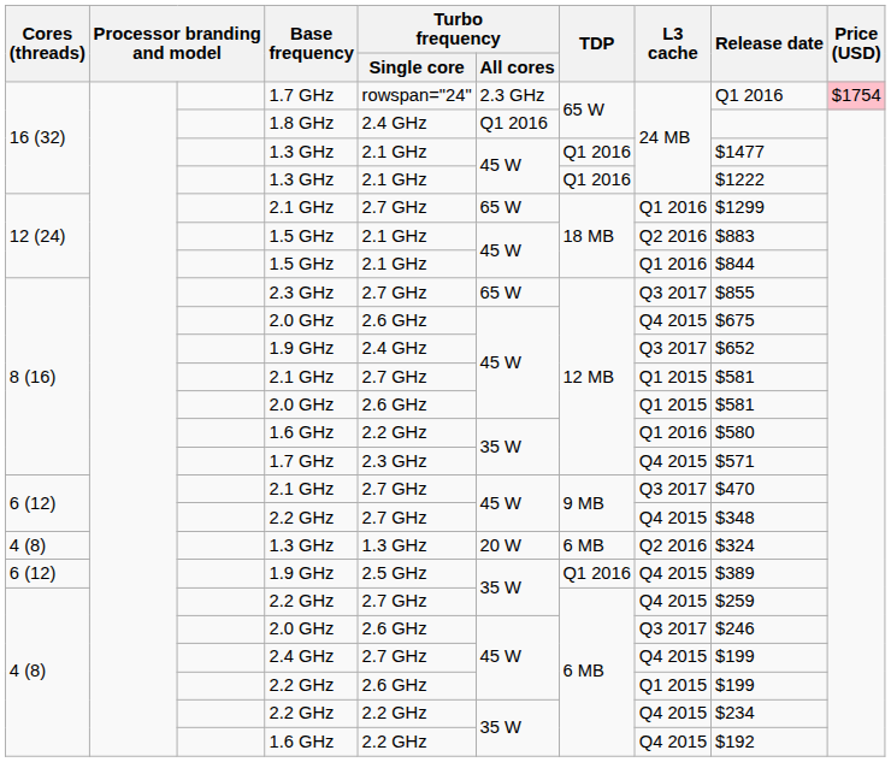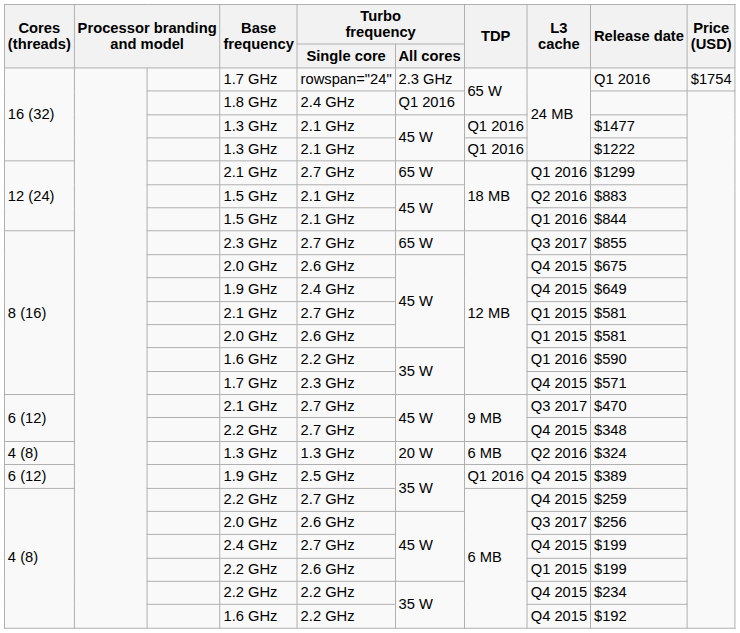 <table class="wikitable">
 <tr>
 <th rowspan="2">Cores<br>(threads)</th>
 <th colspan="2" rowspan="2">Processor branding<br>and model</th>
 <th rowspan="2">Base<br>frequency</th>
 <th colspan="2">Turbo<br>frequency</th>
 <th rowspan="2">TDP</th>
 <th rowspan="2">L3<br>cache</th>
 <th rowspan="2">Release date</th>
 <th rowspan="2">Price<br>(USD)</th>
 </tr>
 <tr>
 <th>Single core</th>
 <th>All cores</th>
 </tr>
 <tr>
 <td rowspan="4">16 (32)</td>
 <td rowspan="24"></td>
 <td><strong></strong></td>
 <td>1.7 GHz</td>
 <td>rowspan="24" </td>
 <td>2.3 GHz</td>
 <td rowspan="2">65 W</td>
 <td rowspan="4">24 MB</td>
 <td>Q1 2016</td>
-<td style="background: pink;">$1754</td>
+<td>$1754</td>
 </tr>
 <tr>
 <td><strong></strong></td>
 <td>1.8 GHz</td>
 <td>2.4 GHz</td>
 <td>Q1 2016</td>
 <td></td>
 </tr>
 <tr>
 <td><strong></strong></td>
 <td>1.3 GHz</td>
 <td>2.1 GHz</td>
 <td rowspan="2">45 W</td>
 <td>Q1 2016</td>
 <td>$1477</td>
 </tr>
 <tr>
 <td><strong></strong></td>
 <td>1.3 GHz</td>
 <td>2.1 GHz</td>
 <td>Q1 2016</td>
 <td>$1222</td>
 </tr>
 <tr>
 <td rowspan="3">12 (24)</td>
 <td><strong></strong></td>
 <td>2.1 GHz</td>
 <td>2.7 GHz</td>
 <td>65 W</td>
 <td rowspan="3">18 MB</td>
 <td>Q1 2016</td>
 <td>$1299</td>
 </tr>
 <tr>
 <td><strong></strong></td>
 <td>1.5 GHz</td>
 <td>2.1 GHz</td>
 <td rowspan="2">45 W</td>
 <td>Q2 2016</td>
 <td>$883</td>
 </tr>
 <tr>
 <td><strong></strong></td>
 <td>1.5 GHz</td>
 <td>2.1 GHz</td>
 <td>Q1 2016</td>
 <td>$844</td>
 </tr>
 <tr>
 <td rowspan="7">8 (16)</td>
 <td><strong></strong></td>
 <td>2.3 GHz</td>
 <td>2.7 GHz</td>
 <td>65 W</td>
 <td rowspan="7">12 MB</td>
 <td>Q3 2017</td>
 <td>$855</td>
 </tr>
 <tr>
 <td><strong></strong></td>
 <td>2.0 GHz</td>
 <td>2.6 GHz</td>
 <td rowspan="4">45 W</td>
 <td>Q4 2015</td>
 <td>$675</td>
 </tr>
 <tr>
 <td><strong></strong></td>
 <td>1.9 GHz</td>
 <td>2.4 GHz</td>
-<td>Q3 2017</td>
-<td>$652</td>
+<td>Q4 2015</td>
+<td>$649</td>
 </tr>
 <tr>
 <td><strong></strong></td>
 <td>2.1 GHz</td>
 <td>2.7 GHz</td>
 <td>Q1 2015</td>
 <td>$581</td>
 </tr>
 <tr>
 <td><strong></strong></td>
 <td>2.0 GHz</td>
 <td>2.6 GHz</td>
 <td>Q1 2015</td>
 <td>$581</td>
 </tr>
 <tr>
 <td><strong></strong></td>
 <td>1.6 GHz</td>
 <td>2.2 GHz</td>
 <td rowspan="2">35 W</td>
 <td>Q1 2016</td>
-<td>$580</td>
+<td>$590</td>
 </tr>
 <tr>
 <td><strong></strong></td>
 <td>1.7 GHz</td>
 <td>2.3 GHz</td>
 <td>Q4 2015</td>
 <td>$571</td>
 </tr>
 <tr>
 <td rowspan="2">6 (12)</td>
 <td><strong></strong></td>
 <td>2.1 GHz</td>
 <td>2.7 GHz</td>
 <td rowspan="2">45 W</td>
 <td rowspan="2">9 MB</td>
 <td>Q3 2017</td>
 <td>$470</td>
 </tr>
 <tr>
 <td><strong></strong></td>
 <td>2.2 GHz</td>
 <td>2.7 GHz</td>
 <td>Q4 2015</td>
 <td>$348</td>
 </tr>
 <tr>
 <td>4 (8)</td>
 <td><strong></strong></td>
 <td>1.3 GHz</td>
 <td>1.3 GHz</td>
 <td>20 W</td>
 <td>6 MB</td>
 <td>Q2 2016</td>
 <td>$324</td>
 </tr>
 <tr>
 <td>6 (12)</td>
 <td><strong></strong></td>
 <td>1.9 GHz</td>
 <td>2.5 GHz</td>
 <td rowspan="2">35 W</td>
 <td>Q1 2016</td>
 <td>Q4 2015</td>
 <td>$389</td>
 </tr>
 <tr>
 <td rowspan="6">4 (8)</td>
 <td><strong></strong></td>
 <td>2.2 GHz</td>
 <td>2.7 GHz</td>
 <td rowspan="6">6 MB</td>
 <td>Q4 2015</td>
 <td>$259</td>
 </tr>
 <tr>
 <td><strong></strong></td>
 <td>2.0 GHz</td>
 <td>2.6 GHz</td>
 <td rowspan="3">45 W</td>
 <td>Q3 2017</td>
-<td>$246</td>
+<td>$256</td>
 </tr>
 <tr>
 <td><strong></strong></td>
 <td>2.4 GHz</td>
 <td>2.7 GHz</td>
 <td>Q4 2015</td>
 <td>$199</td>
 </tr>
 <tr>
 <td><strong></strong></td>
 <td>2.2 GHz</td>
 <td>2.6 GHz</td>
 <td>Q1 2015</td>
 <td>$199</td>
 </tr>
 <tr>
 <td><strong></strong></td>
 <td>2.2 GHz</td>
 <td>2.2 GHz</td>
 <td rowspan="2">35 W</td>
 <td>Q4 2015</td>
 <td>$234</td>
 </tr>
 <tr>
 <td><strong></strong></td>
 <td>1.6 GHz</td>
 <td>2.2 GHz</td>
 <td>Q4 2015</td>
 <td>$192</td>
 </tr>
 </table>
